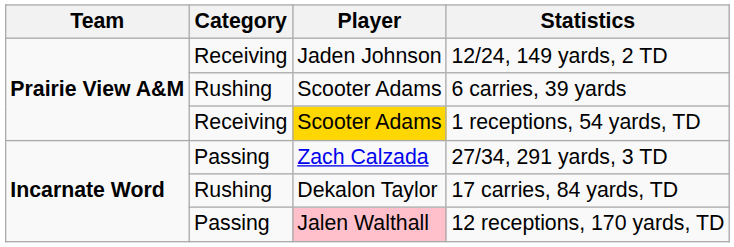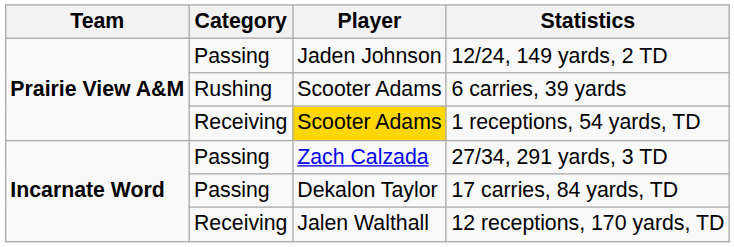 <table class="wikitable" style="float: right;">
 <tr>
 <th>Team</th>
 <th>Category</th>
 <th>Player</th>
 <th>Statistics</th>
 </tr>
 <tr>
 <td rowspan=3><strong>Prairie View A&M</strong></td>
-<td>Receiving</td>
+<td>Passing</td>
 <td>Jaden Johnson</td>
 <td>12/24, 149 yards, 2 TD</td>
 </tr>
 <tr>
 <td>Rushing</td>
 <td>Scooter Adams</td>
 <td>6 carries, 39 yards</td>
 </tr>
 <tr>
 <td>Receiving</td>
 <td style="background: gold;">Scooter Adams</td>
 <td>1 receptions, 54 yards, TD</td>
 </tr>
 <tr>
 <td rowspan=3><strong>Incarnate Word</strong></td>
 <td>Passing</td>
 <td><a href='#'>Zach Calzada</a></td>
 <td>27/34, 291 yards, 3 TD</td>
 </tr>
 <tr>
-<td>Rushing</td>
+<td>Passing</td>
 <td>Dekalon Taylor</td>
 <td>17 carries, 84 yards, TD</td>
 </tr>
 <tr>
-<td>Passing</td>
-<td style="background: pink;">Jalen Walthall</td>
+<td>Receiving</td>
+<td>Jalen Walthall</td>
 <td>12 receptions, 170 yards, TD</td>
 </tr>
 </table>
